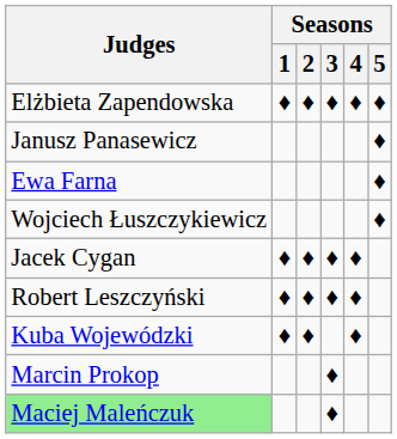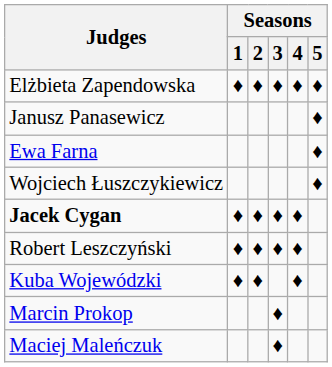 <table class="wikitable">
 <tr>
 <th rowspan=2>Judges</th>
 <th colspan=14>Seasons</th>
 </tr>
 <tr>
 <th>1</th>
 <th>2</th>
 <th>3</th>
 <th>4</th>
 <th>5</th>
 </tr>
 <tr>
 <td>Elżbieta Zapendowska</td>
 <td>♦</td>
 <td>♦</td>
 <td>♦</td>
 <td>♦</td>
 <td>♦</td>
 </tr>
 <tr>
 <td>Janusz Panasewicz</td>
 <td></td>
 <td></td>
 <td></td>
 <td></td>
 <td>♦</td>
 </tr>
 <tr>
 <td><a href='#'>Ewa Farna</a></td>
 <td></td>
 <td></td>
 <td></td>
 <td></td>
 <td>♦</td>
 </tr>
 <tr>
 <td>Wojciech Łuszczykiewicz</td>
 <td></td>
 <td></td>
 <td></td>
 <td></td>
 <td>♦</td>
 </tr>
 <tr>
-<td>Jacek Cygan</td>
+<td><strong>Jacek Cygan</strong></td>
 <td>♦</td>
 <td>♦</td>
 <td>♦</td>
 <td>♦</td>
 <td></td>
 </tr>
 <tr>
 <td>Robert Leszczyński</td>
 <td>♦</td>
 <td>♦</td>
 <td>♦</td>
 <td>♦</td>
 <td></td>
 </tr>
 <tr>
 <td><a href='#'>Kuba Wojewódzki</a></td>
 <td>♦</td>
 <td>♦</td>
 <td></td>
 <td>♦</td>
 <td></td>
 </tr>
 <tr>
 <td><a href='#'>Marcin Prokop</a></td>
 <td></td>
 <td></td>
 <td>♦</td>
 <td></td>
 <td></td>
 </tr>
 <tr>
-<td style="background: lightgreen;"><a href='#'>Maciej Maleńczuk</a></td>
+<td><a href='#'>Maciej Maleńczuk</a></td>
 <td></td>
 <td></td>
 <td>♦</td>
 <td></td>
 <td></td>
 </tr>
 </table>
